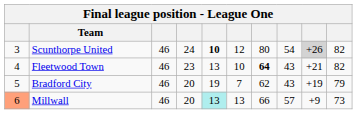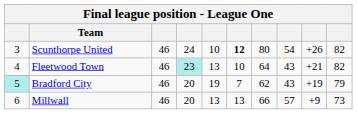 <table class="wikitable" style="text-align:center">
 <tr>
 <th colspan=10><big>Final league position - League One</big></th>
 </tr>
 <tr>
 <th width="30"></th>
 <th width="175">Team</th>
 <th width="30"></th>
 <th width="30"></th>
 <th width="30"></th>
 <th width="30"></th>
 <th width="30"></th>
 <th width="30"></th>
 <th width="30"></th>
 <th width="30"></th>
 </tr>
 <tr>
 <td>3</td>
 <td align=left><a href='#'>Scunthorpe United</a></td>
 <td>46</td>
 <td>24</td>
-<td><strong>10</strong></td>
-<td>12</td>
+<td>10</td>
+<td><strong>12</strong></td>
 <td>80</td>
 <td>54</td>
-<td style="background: lightgrey;">+26</td>
+<td>+26</td>
 <td>82</td>
 </tr>
 <tr>
 <td>4</td>
 <td align=left><a href='#'>Fleetwood Town</a></td>
 <td>46</td>
-<td>23</td>
+<td style="background: paleturquoise;">23</td>
 <td>13</td>
 <td>10</td>
-<td><strong>64</strong></td>
+<td>64</td>
 <td>43</td>
 <td>+21</td>
 <td>82</td>
 </tr>
 <tr>
-<td>5</td>
+<td style="background: paleturquoise;">5</td>
 <td align=left><a href='#'>Bradford City</a></td>
 <td>46</td>
 <td>20</td>
 <td>19</td>
 <td>7</td>
 <td>62</td>
 <td>43</td>
 <td>+19</td>
 <td>79</td>
 </tr>
 <tr>
-<td style="background: lightsalmon;">6</td>
+<td>6</td>
 <td align=left><a href='#'>Millwall</a></td>
 <td>46</td>
 <td>20</td>
-<td style="background: paleturquoise;">13</td>
+<td>13</td>
 <td>13</td>
 <td>66</td>
 <td>57</td>
 <td>+9</td>
 <td>73</td>
 </tr>
 </table>
